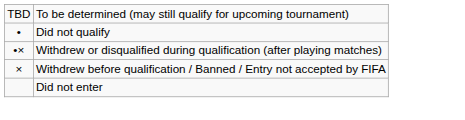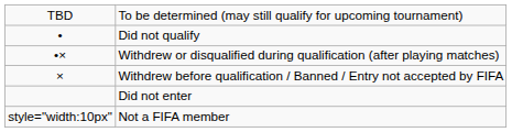 <table class="wikitable" style="font-size:90%">
 <tr>
 <td style="text-align:center;width:10px">TBD</td>
 <td>To be determined (may still qualify for upcoming tournament)</td>
 </tr>
 <tr>
 <td style="text-align:center;width:10px">•</td>
 <td>Did not qualify</td>
 </tr>
 <tr>
 <td style="text-align:center;width:10px">•×</td>
 <td>Withdrew or disqualified during qualification (after playing matches)</td>
 </tr>
 <tr>
 <td style="text-align:center;width:10px">×</td>
 <td>Withdrew before qualification / Banned / Entry not accepted by FIFA</td>
 </tr>
 <tr>
 <td style="width:10px"></td>
 <td>Did not enter</td>
 </tr>
+<tr>
+<td>style="width:10px" </td>
+<td>Not a FIFA member</td>
+</tr>
 </table>
